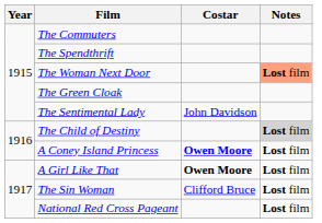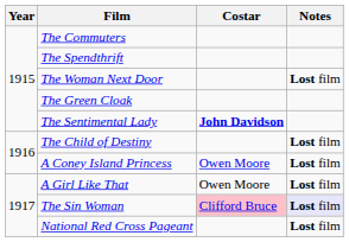 <table class="wikitable">
 <tr>
 <th>Year</th>
 <th>Film</th>
 <th>Costar</th>
 <th>Notes</th>
 </tr>
 <tr>
 <td rowspan=5>1915</td>
 <td><em><a href='#'>The Commuters</a></em></td>
 <td></td>
 <td></td>
 </tr>
 <tr>
 <td><em><a href='#'>The Spendthrift</a></em></td>
 <td></td>
 <td></td>
 </tr>
 <tr>
 <td><em><a href='#'>The Woman Next Door</a></em></td>
 <td></td>
-<td style="background: lightsalmon;"><strong>Lost</strong> film</td>
+<td><strong>Lost</strong> film</td>
 </tr>
 <tr>
 <td><em><a href='#'>The Green Cloak</a></em></td>
 <td></td>
 <td></td>
 </tr>
 <tr>
 <td><em><a href='#'>The Sentimental Lady</a></em></td>
-<td><a href='#'>John Davidson</a></td>
+<td><strong><a href='#'>John Davidson</a></strong></td>
 <td></td>
 </tr>
 <tr>
 <td rowspan=2>1916</td>
 <td><em><a href='#'>The Child of Destiny</a></em></td>
 <td></td>
-<td style="background: lightgrey;"><strong>Lost</strong> film</td>
+<td><strong>Lost</strong> film</td>
 </tr>
 <tr>
 <td><em><a href='#'>A Coney Island Princess</a></em></td>
-<td><strong><a href='#'>Owen Moore</a></strong></td>
+<td><a href='#'>Owen Moore</a></td>
 <td><strong>Lost</strong> film</td>
 </tr>
 <tr>
 <td rowspan=3>1917</td>
 <td><em><a href='#'>A Girl Like That</a></em></td>
-<td><strong>Owen Moore</strong></td>
+<td>Owen Moore</td>
 <td><strong>Lost</strong> film</td>
 </tr>
 <tr>
 <td><em><a href='#'>The Sin Woman</a></em></td>
-<td><a href='#'>Clifford Bruce</a></td>
-<td><strong>Lost</strong> film</td>
+<td style="background: pink;"><a href='#'>Clifford Bruce</a></td>
+<td style="background: lavender;"><strong>Lost</strong> film</td>
 </tr>
 <tr>
 <td><em><a href='#'>National Red Cross Pageant</a></em></td>
 <td></td>
 <td><strong>Lost</strong> film</td>
 </tr>
 </table>
